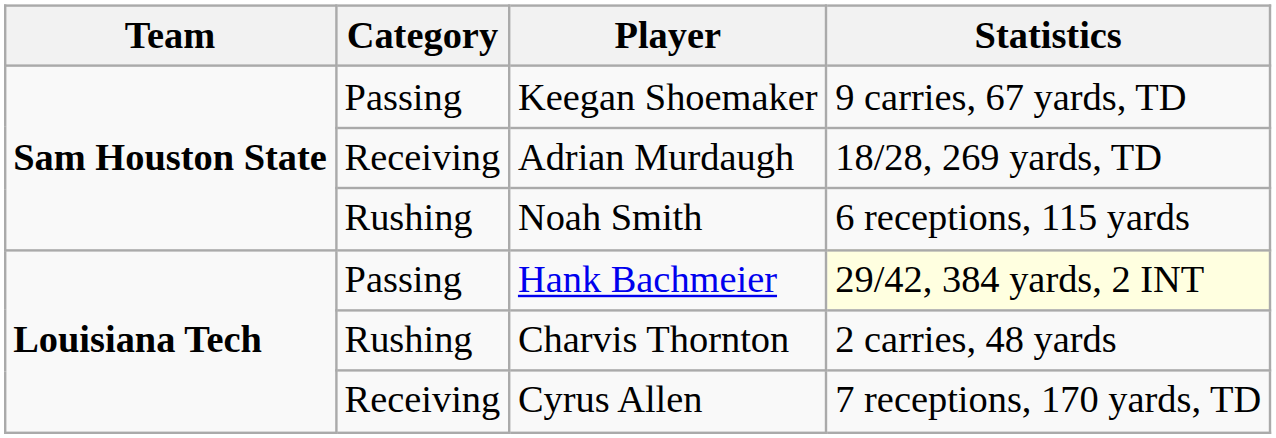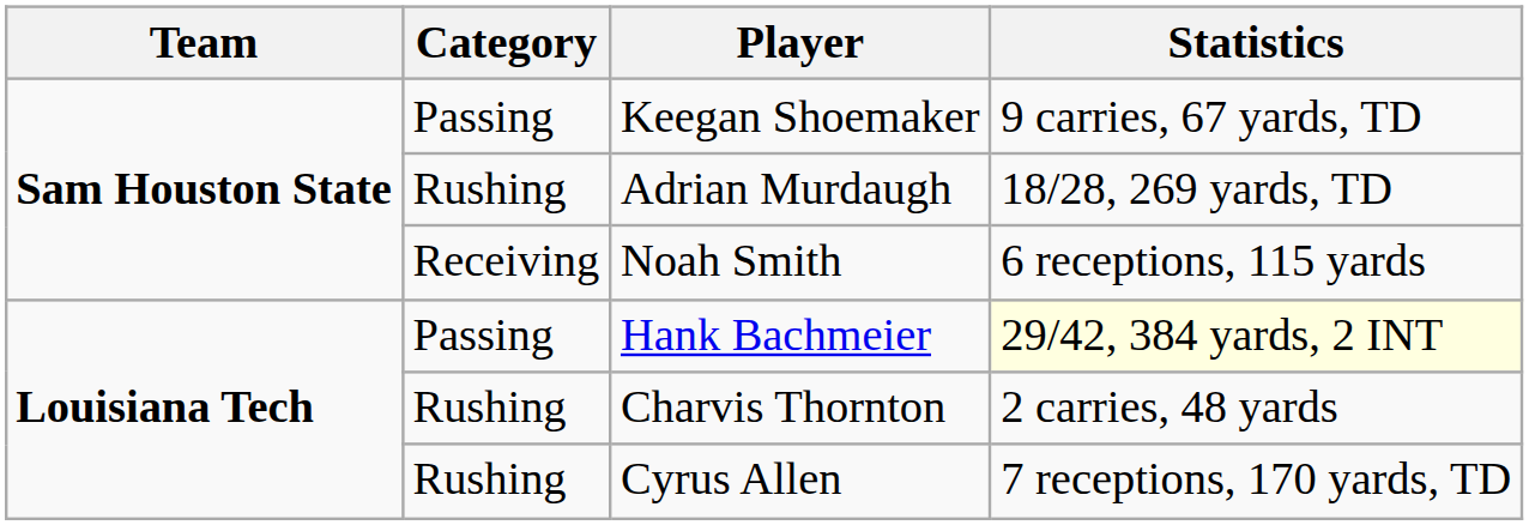 <table class="wikitable" style="float: right;">
 <tr>
 <th>Team</th>
 <th>Category</th>
 <th>Player</th>
 <th>Statistics</th>
 </tr>
 <tr>
 <td rowspan=3><strong>Sam Houston State</strong></td>
 <td>Passing</td>
 <td>Keegan Shoemaker</td>
 <td>9 carries, 67 yards, TD</td>
 </tr>
 <tr>
-<td>Receiving</td>
+<td>Rushing</td>
 <td>Adrian Murdaugh</td>
 <td>18/28, 269 yards, TD</td>
 </tr>
 <tr>
-<td>Rushing</td>
+<td>Receiving</td>
 <td>Noah Smith</td>
 <td>6 receptions, 115 yards</td>
 </tr>
 <tr>
 <td rowspan=3><strong>Louisiana Tech</strong></td>
 <td>Passing</td>
 <td><a href='#'>Hank Bachmeier</a></td>
 <td style="background: lightyellow;">29/42, 384 yards, 2 INT</td>
 </tr>
 <tr>
 <td>Rushing</td>
 <td>Charvis Thornton</td>
 <td>2 carries, 48 yards</td>
 </tr>
 <tr>
-<td>Receiving</td>
+<td>Rushing</td>
 <td>Cyrus Allen</td>
 <td>7 receptions, 170 yards, TD</td>
 </tr>
 </table>
